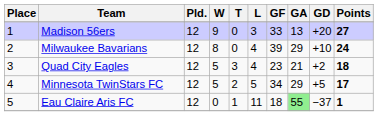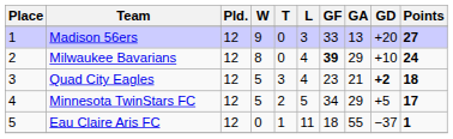 <table class="wikitable">
 <tr>
 <th>Place</th>
 <th width="200">Team</th>
 <th width="20">Pld.</th>
 <th width="20">W</th>
 <th width="20">T</th>
 <th width="20">L</th>
 <th width="20">GF</th>
 <th width="20">GA</th>
 <th width="25">GD</th>
 <th>Points</th>
 </tr>
 <tr>
 </tr>
 <tr bgcolor=#CCCCFF>
 <td>1</td>
 <td><a href='#'>Madison 56ers</a></td>
 <td>12</td>
 <td>9</td>
 <td>0</td>
 <td>3</td>
 <td>33</td>
 <td>13</td>
 <td>+20</td>
 <td><strong>27</strong></td>
 </tr>
 <tr>
 <td>2</td>
 <td><a href='#'>Milwaukee Bavarians</a></td>
 <td>12</td>
 <td>8</td>
 <td>0</td>
 <td>4</td>
-<td>39</td>
+<td><strong>39</strong></td>
 <td>29</td>
 <td>+10</td>
 <td><strong>24</strong></td>
 </tr>
 <tr>
 <td>3</td>
 <td><a href='#'>Quad City Eagles</a></td>
 <td>12</td>
 <td>5</td>
 <td>3</td>
 <td>4</td>
 <td>23</td>
 <td>21</td>
-<td>+2</td>
+<td><strong>+2</strong></td>
 <td><strong>18</strong></td>
 </tr>
 <tr>
 <td>4</td>
 <td><a href='#'>Minnesota TwinStars FC</a></td>
 <td>12</td>
 <td>5</td>
 <td>2</td>
 <td>5</td>
 <td>34</td>
 <td>29</td>
 <td>+5</td>
 <td><strong>17</strong></td>
 </tr>
 <tr>
 <td>5</td>
 <td><a href='#'>Eau Claire Aris FC</a></td>
 <td>12</td>
 <td>0</td>
 <td>1</td>
 <td>11</td>
 <td>18</td>
-<td style="background: lightgreen;">55</td>
+<td>55</td>
 <td>−37</td>
 <td><strong>1</strong></td>
 </tr>
 <tr>
 </tr>
 </table>
